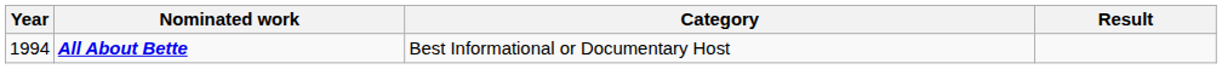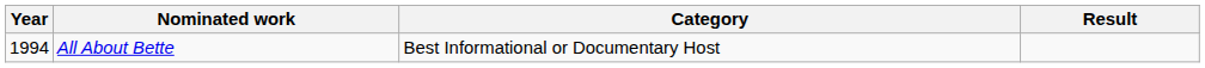 <table class=wikitable>
 <tr>
 <th width=4%>Year</th>
 <th width=29%>Nominated work</th>
 <th width=52%>Category</th>
 <th width=15%>Result</th>
 </tr>
 <tr>
 <td align=center>1994</td>
-<td><strong><em><a href='#'>All About Bette</a></em></strong></td>
+<td><em><a href='#'>All About Bette</a></em></td>
 <td>Best Informational or Documentary Host</td>
 <td></td>
 </tr>
 </table>
